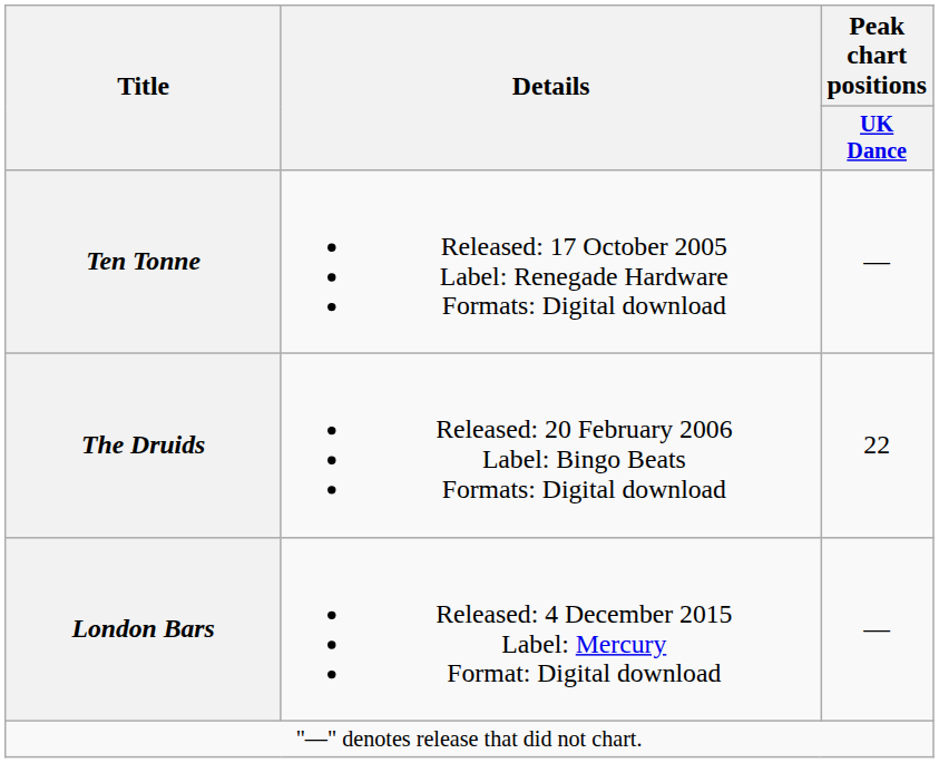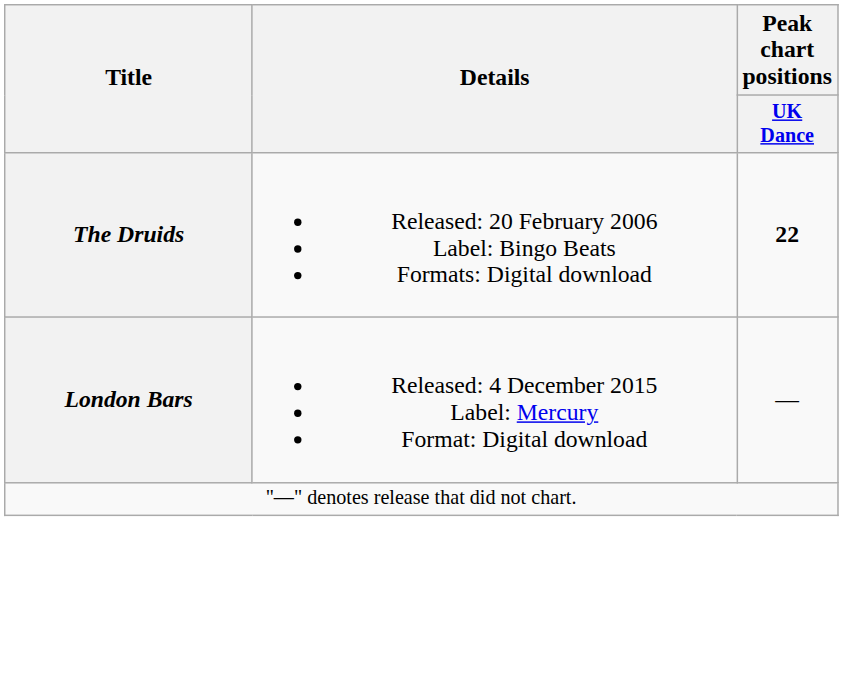 <table class="wikitable plainrowheaders" style="text-align:center;">
 <tr>
 <th scope="col" rowspan="2" style="width:10em;">Title</th>
 <th scope="col" rowspan="2" style="width:20em;">Details</th>
 <th scope="col" colspan="1">Peak chart positions</th>
 </tr>
 <tr>
 <th scope="col" style="width:3em;font-size:85%;"><a href='#'>UK<br>Dance</a><br></th>
 </tr>
 <tr>
-<th scope="row"><em>Ten Tonne</em></th>
-<td><br><ul><li>Released: 17 October 2005</li><li>Label: Renegade Hardware</li><li>Formats: Digital download</li></ul></td>
-<td>—</td>
-</tr>
-<tr>
 <th scope="row"><em>The Druids</em></th>
 <td><br><ul><li>Released: 20 February 2006</li><li>Label: Bingo Beats</li><li>Formats: Digital download</li></ul></td>
-<td>22</td>
+<td><strong>22</strong></td>
 </tr>
 <tr>
 <th scope="row"><em>London Bars</em></th>
 <td><br><ul><li>Released: 4 December 2015</li><li>Label: <a href='#'>Mercury</a></li><li>Format: Digital download</li></ul></td>
 <td>—</td>
 </tr>
 <tr>
 <td colspan="3" style="font-size:85%">"—" denotes release that did not chart.</td>
 </tr>
 </table>
